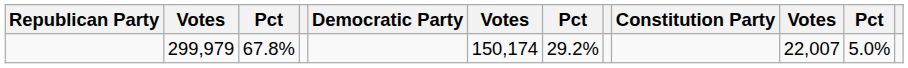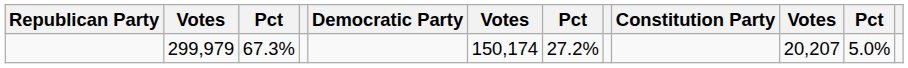 <table class="wikitable" style="margin:0.5em ; font-size:95%">
 <tr>
 <th>Republican Party</th>
 <th>Votes</th>
 <th>Pct</th>
 <th></th>
 <th>Democratic Party</th>
 <th>Votes</th>
 <th>Pct</th>
 <th></th>
 <th>Constitution Party</th>
 <th>Votes</th>
 <th>Pct</th>
 <th></th>
 </tr>
 <tr>
 <td></td>
 <td>299,979</td>
-<td>67.8%</td>
+<td>67.3%</td>
 <td></td>
 <td></td>
 <td>150,174</td>
-<td>29.2%</td>
+<td>27.2%</td>
 <td></td>
 <td></td>
-<td>22,007</td>
+<td>20,207</td>
 <td>5.0%</td>
 <td></td>
 </tr>
 </table>
